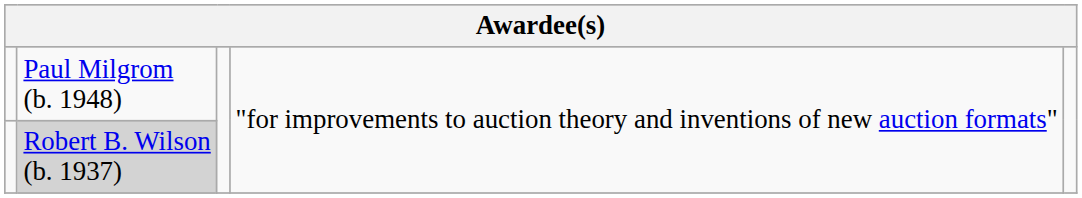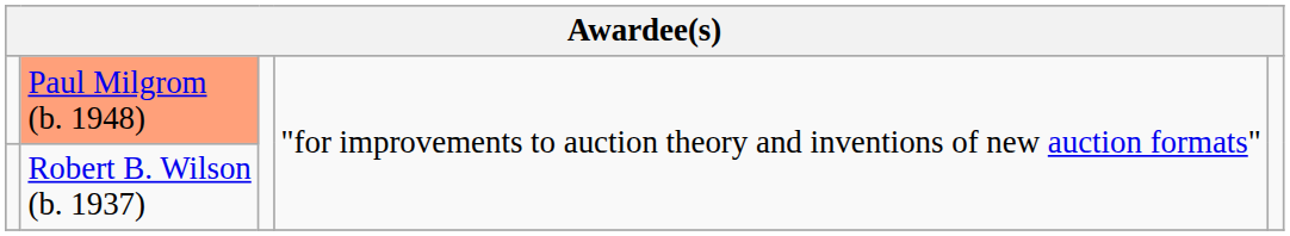 <table class="wikitable">
 <tr>
 <th colspan="5">Awardee(s)</th>
 </tr>
 <tr>
 <td></td>
-<td><a href='#'>Paul Milgrom</a><br>(b. 1948)</td>
+<td style="background: lightsalmon;"><a href='#'>Paul Milgrom</a><br>(b. 1948)</td>
 <td rowspan="2"></td>
 <td rowspan="2">"for improvements to auction theory and inventions of new <a href='#'>auction formats</a>"</td>
 <td rowspan="2"></td>
 </tr>
 <tr>
 <td></td>
-<td style="background: lightgrey;"><a href='#'>Robert B. Wilson</a><br>(b. 1937)</td>
+<td><a href='#'>Robert B. Wilson</a><br>(b. 1937)</td>
 </tr>
 </table>
